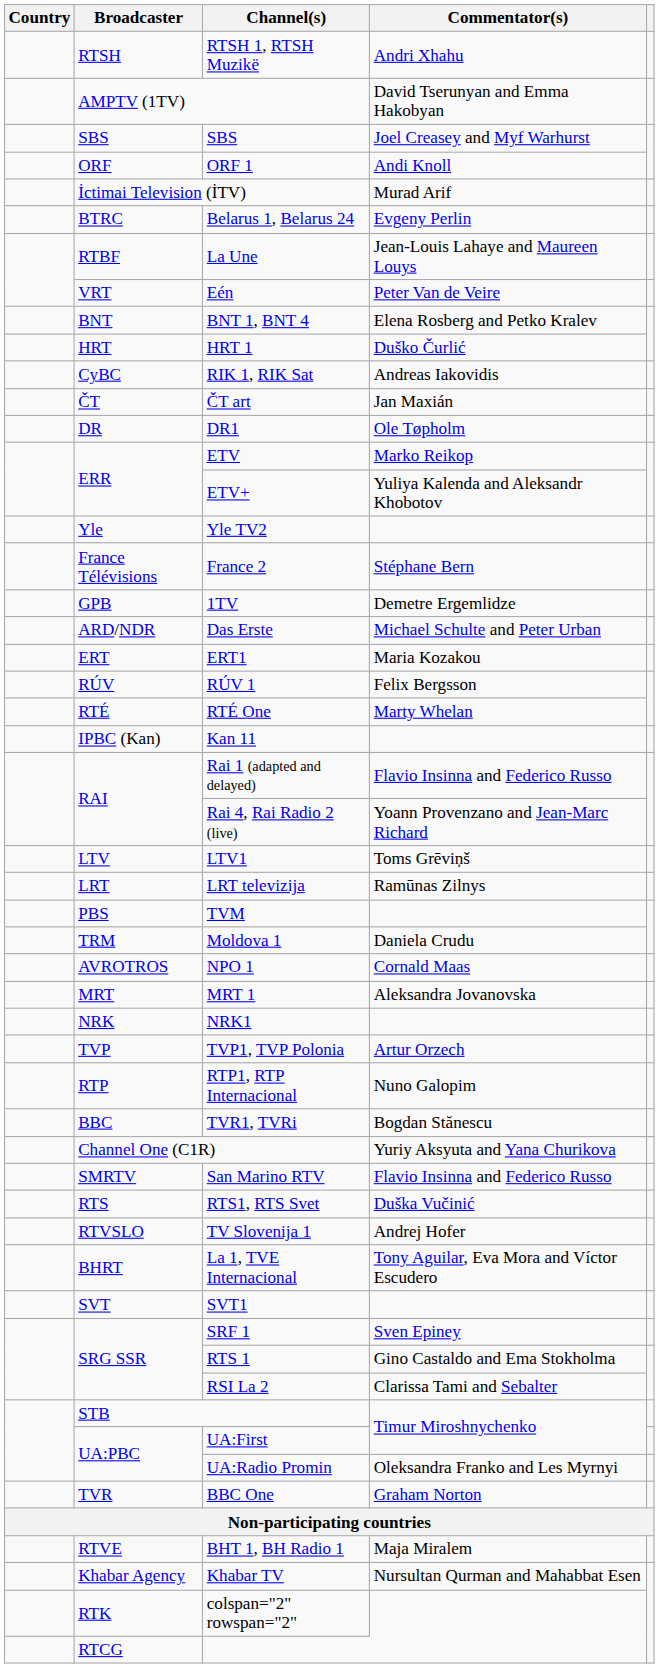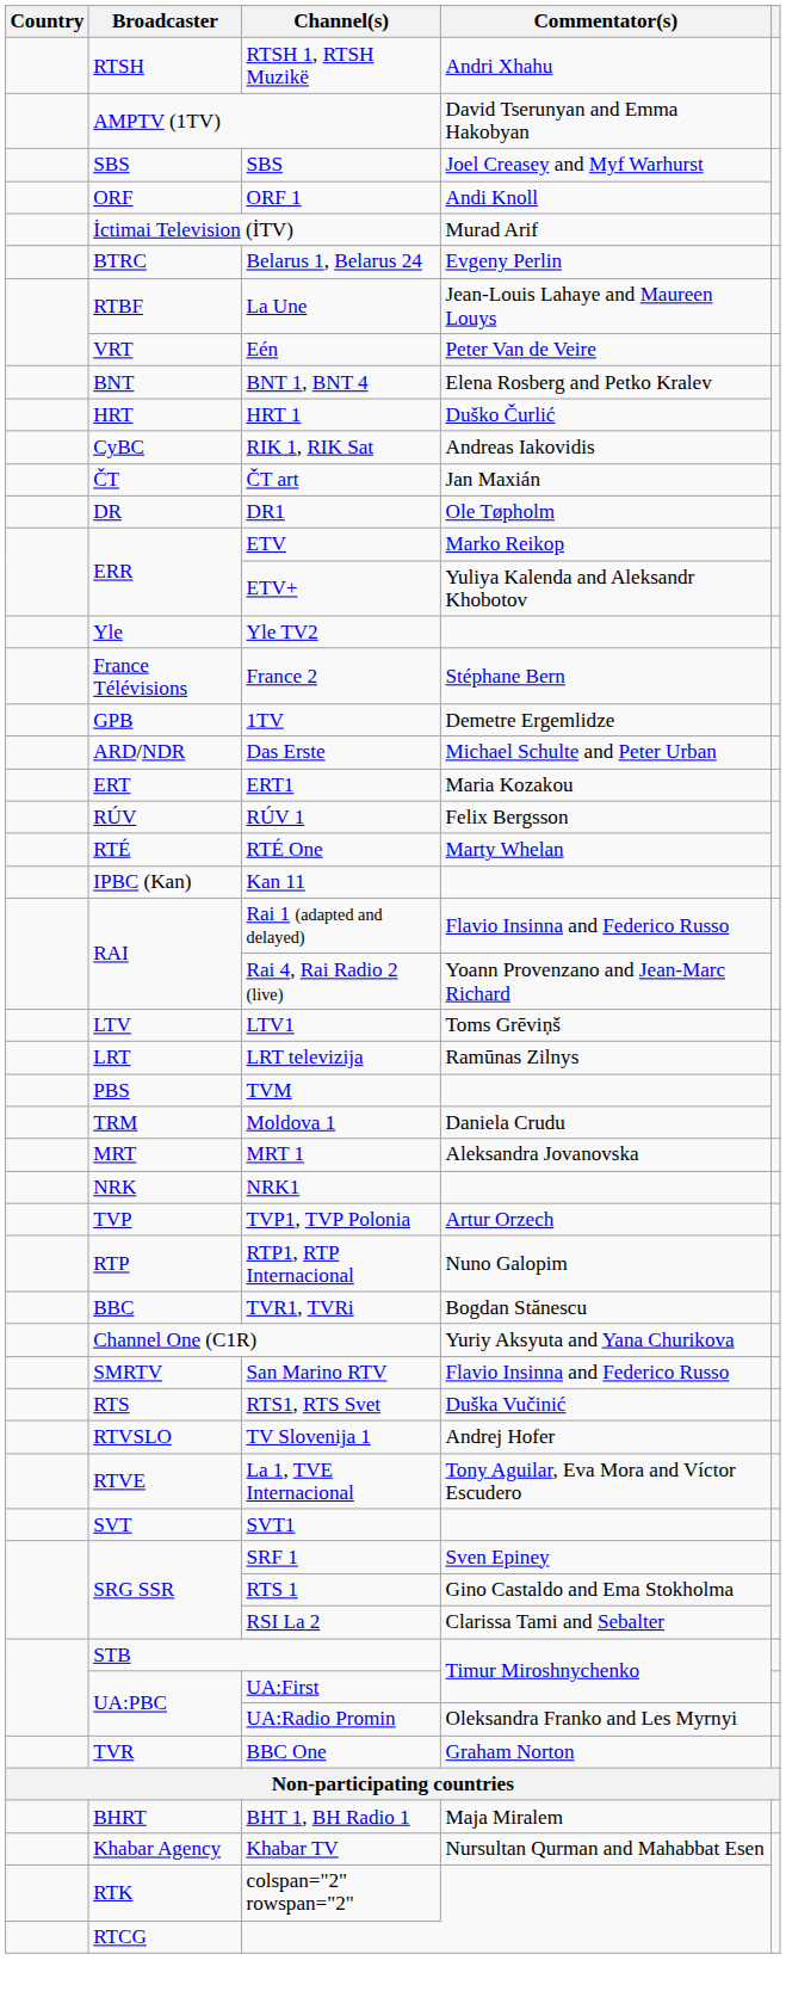 <table class="wikitable">
 <tr>
 <th>Country</th>
 <th>Broadcaster</th>
 <th>Channel(s)</th>
 <th>Commentator(s)</th>
 <th></th>
 </tr>
 <tr>
 <td></td>
 <td><a href='#'>RTSH</a></td>
 <td><a href='#'>RTSH 1</a>, <a href='#'>RTSH Muzikë</a></td>
 <td><a href='#'>Andri Xhahu</a></td>
 <td></td>
 </tr>
 <tr>
 <td></td>
 <td colspan="2"><a href='#'>AMPTV</a> (1TV)</td>
 <td>David Tserunyan and Emma Hakobyan</td>
 <td></td>
 </tr>
 <tr>
 <td></td>
 <td><a href='#'>SBS</a></td>
 <td><a href='#'>SBS</a></td>
 <td><a href='#'>Joel Creasey</a> and <a href='#'>Myf Warhurst</a></td>
 <td rowspan="2"></td>
 </tr>
 <tr>
 <td></td>
 <td><a href='#'>ORF</a></td>
 <td><a href='#'>ORF 1</a></td>
 <td><a href='#'>Andi Knoll</a></td>
 </tr>
 <tr>
 <td></td>
 <td colspan="2"><a href='#'>İctimai Television</a> (İTV)</td>
 <td>Murad Arif</td>
 <td></td>
 </tr>
 <tr>
 <td></td>
 <td><a href='#'>BTRC</a></td>
 <td><a href='#'>Belarus 1</a>, <a href='#'>Belarus 24</a></td>
 <td><a href='#'>Evgeny Perlin</a></td>
 <td></td>
 </tr>
 <tr>
 <td rowspan="2"></td>
 <td><a href='#'>RTBF</a></td>
 <td><a href='#'>La Une</a></td>
 <td>Jean-Louis Lahaye and <a href='#'>Maureen Louys</a></td>
 <td></td>
 </tr>
 <tr>
 <td><a href='#'>VRT</a></td>
 <td><a href='#'>Eén</a></td>
 <td><a href='#'>Peter Van de Veire</a></td>
 <td></td>
 </tr>
 <tr>
 <td></td>
 <td><a href='#'>BNT</a></td>
 <td><a href='#'>BNT 1</a>, <a href='#'>BNT 4</a></td>
 <td>Elena Rosberg and Petko Kralev</td>
 <td rowspan="2"></td>
 </tr>
 <tr>
 <td></td>
 <td><a href='#'>HRT</a></td>
 <td><a href='#'>HRT 1</a></td>
 <td><a href='#'>Duško Čurlić</a></td>
 </tr>
 <tr>
 <td></td>
 <td><a href='#'>CyBC</a></td>
 <td><a href='#'>RIK 1</a>, <a href='#'>RIK Sat</a></td>
 <td>Andreas Iakovidis</td>
 <td></td>
 </tr>
 <tr>
 <td></td>
 <td><a href='#'>ČT</a></td>
 <td><a href='#'>ČT art</a></td>
 <td>Jan Maxián</td>
 <td></td>
 </tr>
 <tr>
 <td></td>
 <td><a href='#'>DR</a></td>
 <td><a href='#'>DR1</a></td>
 <td><a href='#'>Ole Tøpholm</a></td>
 <td></td>
 </tr>
 <tr>
 <td rowspan="2"></td>
 <td rowspan="2"><a href='#'>ERR</a></td>
 <td><a href='#'>ETV</a></td>
 <td><a href='#'>Marko Reikop</a></td>
 <td rowspan="2"></td>
 </tr>
 <tr>
 <td><a href='#'>ETV+</a></td>
 <td>Yuliya Kalenda and Aleksandr Khobotov</td>
 </tr>
 <tr>
 <td></td>
 <td><a href='#'>Yle</a></td>
 <td><a href='#'>Yle TV2</a></td>
 <td></td>
 <td></td>
 </tr>
 <tr>
 <td></td>
 <td><a href='#'>France Télévisions</a></td>
 <td><a href='#'>France 2</a></td>
 <td><a href='#'>Stéphane Bern</a></td>
 <td></td>
 </tr>
 <tr>
 <td></td>
 <td><a href='#'>GPB</a></td>
 <td><a href='#'>1TV</a></td>
 <td>Demetre Ergemlidze</td>
 <td></td>
 </tr>
 <tr>
 <td></td>
 <td><a href='#'>ARD</a>/<a href='#'>NDR</a></td>
 <td><a href='#'>Das Erste</a></td>
 <td><a href='#'>Michael Schulte</a> and <a href='#'>Peter Urban</a></td>
 <td></td>
 </tr>
 <tr>
 <td></td>
 <td><a href='#'>ERT</a></td>
 <td><a href='#'>ERT1</a></td>
 <td>Maria Kozakou</td>
 <td></td>
 </tr>
 <tr>
 <td></td>
 <td><a href='#'>RÚV</a></td>
 <td><a href='#'>RÚV 1</a></td>
 <td>Felix Bergsson</td>
 <td rowspan="2"></td>
 </tr>
 <tr>
 <td></td>
 <td><a href='#'>RTÉ</a></td>
 <td><a href='#'>RTÉ One</a></td>
 <td><a href='#'>Marty Whelan</a></td>
 </tr>
 <tr>
 <td></td>
 <td><a href='#'>IPBC</a> (Kan)</td>
 <td><a href='#'>Kan 11</a></td>
 <td></td>
 <td></td>
 </tr>
 <tr>
 <td rowspan="2"></td>
 <td rowspan="2"><a href='#'>RAI</a></td>
 <td><a href='#'>Rai 1</a> <small>(adapted and delayed)</small></td>
 <td><a href='#'>Flavio Insinna</a> and <a href='#'>Federico Russo</a></td>
 <td rowspan="2"></td>
 </tr>
 <tr>
 <td><a href='#'>Rai 4</a>, <a href='#'>Rai Radio 2</a> <small>(live)</small></td>
 <td>Yoann Provenzano and <a href='#'>Jean-Marc Richard</a></td>
 </tr>
 <tr>
 <td></td>
 <td><a href='#'>LTV</a></td>
 <td><a href='#'>LTV1</a></td>
 <td>Toms Grēviņš</td>
 <td></td>
 </tr>
 <tr>
 <td></td>
 <td><a href='#'>LRT</a></td>
 <td><a href='#'>LRT televizija</a></td>
 <td>Ramūnas Zilnys</td>
 <td></td>
 </tr>
 <tr>
 <td></td>
 <td><a href='#'>PBS</a></td>
 <td><a href='#'>TVM</a></td>
 <td></td>
 <td rowspan="2"></td>
 </tr>
 <tr>
 <td></td>
 <td><a href='#'>TRM</a></td>
 <td><a href='#'>Moldova 1</a></td>
 <td>Daniela Crudu</td>
 </tr>
 <tr>
 <td></td>
-<td><a href='#'>AVROTROS</a></td>
-<td><a href='#'>NPO 1</a></td>
-<td><a href='#'>Cornald Maas</a></td>
-<td></td>
-</tr>
-<tr>
-<td></td>
 <td><a href='#'>MRT</a></td>
 <td><a href='#'>MRT 1</a></td>
 <td>Aleksandra Jovanovska</td>
 <td></td>
 </tr>
 <tr>
 <td></td>
 <td><a href='#'>NRK</a></td>
 <td><a href='#'>NRK1</a></td>
 <td></td>
 <td></td>
 </tr>
 <tr>
 <td></td>
 <td><a href='#'>TVP</a></td>
 <td><a href='#'>TVP1</a>, <a href='#'>TVP Polonia</a></td>
 <td><a href='#'>Artur Orzech</a></td>
 <td></td>
 </tr>
 <tr>
 <td></td>
 <td><a href='#'>RTP</a></td>
 <td><a href='#'>RTP1</a>, <a href='#'>RTP Internacional</a></td>
 <td>Nuno Galopim</td>
 <td></td>
 </tr>
 <tr>
 <td></td>
 <td><a href='#'>BBC</a></td>
 <td><a href='#'>TVR1</a>, <a href='#'>TVRi</a></td>
 <td>Bogdan Stănescu</td>
 <td></td>
 </tr>
 <tr>
 <td></td>
 <td colspan="2"><a href='#'>Channel One</a> (C1R)</td>
 <td>Yuriy Aksyuta and <a href='#'>Yana Churikova</a></td>
 <td rowspan="1"></td>
 </tr>
 <tr>
 <td></td>
 <td><a href='#'>SMRTV</a></td>
 <td><a href='#'>San Marino RTV</a></td>
 <td><a href='#'>Flavio Insinna</a> and <a href='#'>Federico Russo</a></td>
 <td></td>
 </tr>
 <tr>
 <td></td>
 <td><a href='#'>RTS</a></td>
 <td><a href='#'>RTS1</a>, <a href='#'>RTS Svet</a></td>
 <td><a href='#'>Duška Vučinić</a></td>
 <td></td>
 </tr>
 <tr>
 <td></td>
 <td><a href='#'>RTVSLO</a></td>
 <td><a href='#'>TV Slovenija 1</a></td>
 <td>Andrej Hofer</td>
 <td></td>
 </tr>
 <tr>
 <td></td>
-<td><a href='#'>BHRT</a></td>
+<td><a href='#'>RTVE</a></td>
 <td><a href='#'>La 1</a>, <a href='#'>TVE Internacional</a></td>
 <td><a href='#'>Tony Aguilar</a>, Eva Mora and Víctor Escudero</td>
 <td></td>
 </tr>
 <tr>
 <td></td>
 <td><a href='#'>SVT</a></td>
 <td><a href='#'>SVT1</a></td>
 <td></td>
 <td></td>
 </tr>
 <tr>
 <td rowspan="3"></td>
 <td rowspan="3"><a href='#'>SRG SSR</a></td>
 <td><a href='#'>SRF 1</a></td>
 <td><a href='#'>Sven Epiney</a></td>
 <td></td>
 </tr>
 <tr>
 <td><a href='#'>RTS 1</a></td>
 <td>Gino Castaldo and Ema Stokholma</td>
 <td rowspan="2"></td>
 </tr>
 <tr>
 <td><a href='#'>RSI La 2</a></td>
 <td>Clarissa Tami and <a href='#'>Sebalter</a></td>
 </tr>
 <tr>
 <td rowspan="3"></td>
 <td colspan="2"><a href='#'>STB</a></td>
 <td rowspan="2"><a href='#'>Timur Miroshnychenko</a></td>
 <td></td>
 </tr>
 <tr>
 <td rowspan="2"><a href='#'>UA:PBC</a></td>
 <td><a href='#'>UA:First</a></td>
 <td></td>
 </tr>
 <tr>
 <td><a href='#'>UA:Radio Promin</a></td>
 <td>Oleksandra Franko and Les Myrnyi</td>
 <td></td>
 </tr>
 <tr>
 <td></td>
 <td><a href='#'>TVR</a></td>
 <td><a href='#'>BBC One</a></td>
 <td><a href='#'>Graham Norton</a></td>
 <td></td>
 </tr>
 <tr>
 <th colspan="5">Non-participating countries</th>
 </tr>
 <tr>
 <td></td>
-<td><a href='#'>RTVE</a></td>
+<td><a href='#'>BHRT</a></td>
 <td><a href='#'>BHT 1</a>, <a href='#'>BH Radio 1</a></td>
 <td>Maja Miralem</td>
 <td></td>
 </tr>
 <tr>
 <td></td>
 <td><a href='#'>Khabar Agency</a></td>
 <td><a href='#'>Khabar TV</a></td>
 <td>Nursultan Qurman and Mahabbat Esen</td>
 <td rowspan="4"></td>
 </tr>
 <tr>
 <td></td>
 <td><a href='#'>RTK</a></td>
 <td>colspan="2" rowspan="2" </td>
 </tr>
 <tr>
 <td></td>
 <td><a href='#'>RTCG</a></td>
 </tr>
 </table>
